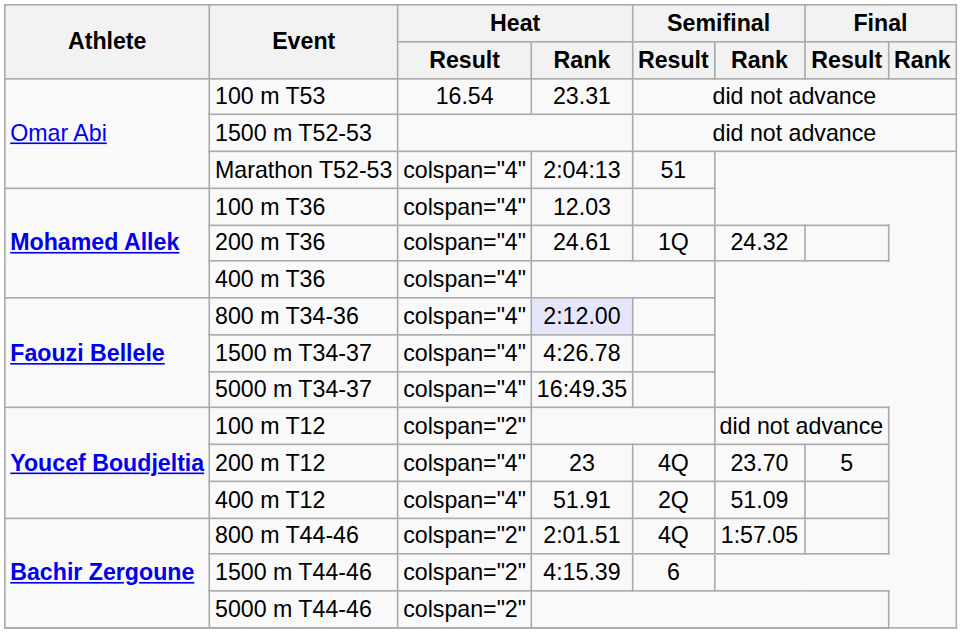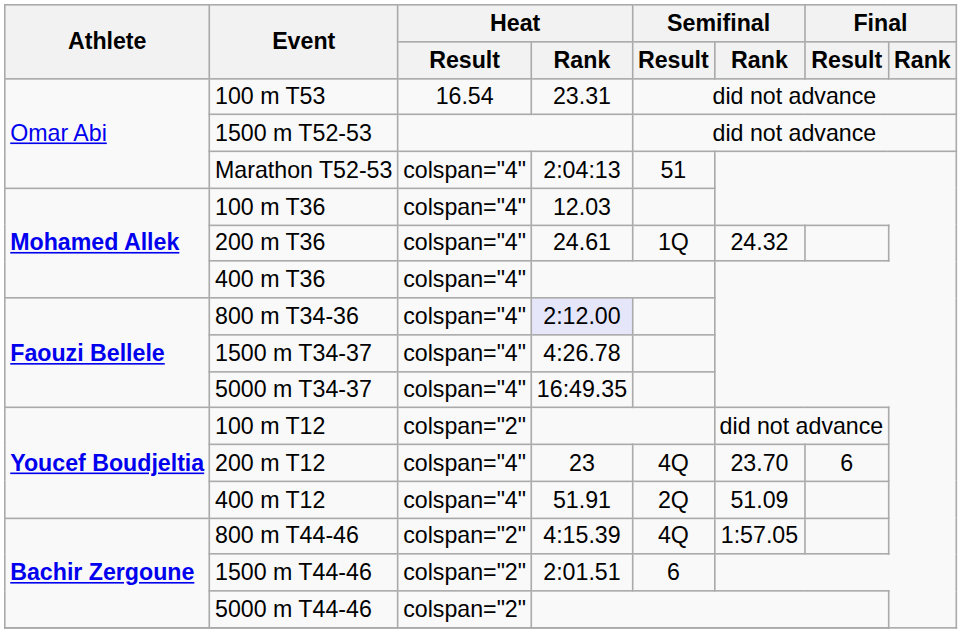 <table class="wikitable" style="text-align:center; font-size:90%">
 <tr>
 <th rowspan="2">Athlete</th>
 <th rowspan="2">Event</th>
 <th colspan="2">Heat</th>
 <th colspan="2">Semifinal</th>
 <th colspan="2">Final</th>
 </tr>
 <tr>
 <th>Result</th>
 <th>Rank</th>
 <th>Result</th>
 <th>Rank</th>
 <th>Result</th>
 <th>Rank</th>
 </tr>
 <tr>
 <td align="left" rowspan="3"><a href='#'>Omar Abi</a></td>
 <td align=left>100 m T53</td>
 <td>16.54</td>
 <td>23.31</td>
 <td colspan=4>did not advance</td>
 </tr>
 <tr>
 <td align=left>1500 m T52-53</td>
 <td colspan=2></td>
 <td colspan=4>did not advance</td>
 </tr>
 <tr>
 <td align=left>Marathon T52-53</td>
 <td>colspan="4" </td>
 <td>2:04:13</td>
 <td>51</td>
 </tr>
 <tr>
 <td align="left" rowspan="3"><strong><a href='#'>Mohamed Allek</a></strong></td>
 <td align=left>100 m T36</td>
 <td>colspan="4" </td>
 <td>12.03 <strong></strong></td>
 <td></td>
 </tr>
 <tr>
 <td align=left>200 m T36</td>
 <td>colspan="4" </td>
 <td>24.61 <strong></strong></td>
 <td>1Q</td>
 <td>24.32 <strong></strong></td>
 <td></td>
 </tr>
 <tr>
 <td align=left>400 m T36</td>
 <td>colspan="4" </td>
 <td colspan=2></td>
 </tr>
 <tr>
 <td align="left" rowspan="3"><strong><a href='#'>Faouzi Bellele</a></strong></td>
 <td align=left>800 m T34-36</td>
 <td>colspan="4" </td>
 <td style="background: lavender;">2:12.00</td>
 <td></td>
 </tr>
 <tr>
 <td align=left>1500 m T34-37</td>
 <td>colspan="4" </td>
 <td>4:26.78</td>
 <td></td>
 </tr>
 <tr>
 <td align=left>5000 m T34-37</td>
 <td>colspan="4" </td>
 <td>16:49.35</td>
 <td></td>
 </tr>
 <tr>
 <td align="left" rowspan="3"><strong><a href='#'>Youcef Boudjeltia</a></strong></td>
 <td align=left>100 m T12</td>
 <td>colspan="2" </td>
 <td colspan=2></td>
 <td colspan=2>did not advance</td>
 </tr>
 <tr>
 <td align=left>200 m T12</td>
 <td>colspan="4" </td>
 <td>23</td>
 <td>4Q</td>
 <td>23.70</td>
-<td>5</td>
+<td>6</td>
 </tr>
 <tr>
 <td align=left>400 m T12</td>
 <td>colspan="4" </td>
 <td>51.91</td>
 <td>2Q</td>
 <td>51.09</td>
 <td></td>
 </tr>
 <tr>
 <td align="left" rowspan="3"><strong><a href='#'>Bachir Zergoune</a></strong></td>
 <td align=left>800 m T44-46</td>
 <td>colspan="2" </td>
-<td>2:01.51</td>
+<td>4:15.39</td>
 <td>4Q</td>
 <td>1:57.05</td>
 <td></td>
 </tr>
 <tr>
 <td align=left>1500 m T44-46</td>
 <td>colspan="2" </td>
-<td>4:15.39</td>
+<td>2:01.51</td>
 <td>6</td>
 </tr>
 <tr>
 <td align=left>5000 m T44-46</td>
 <td>colspan="2" </td>
 <td colspan=4></td>
 </tr>
 <tr>
 </tr>
 </table>
